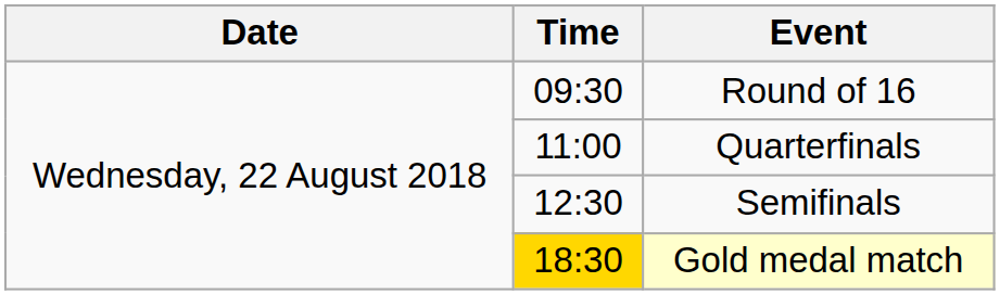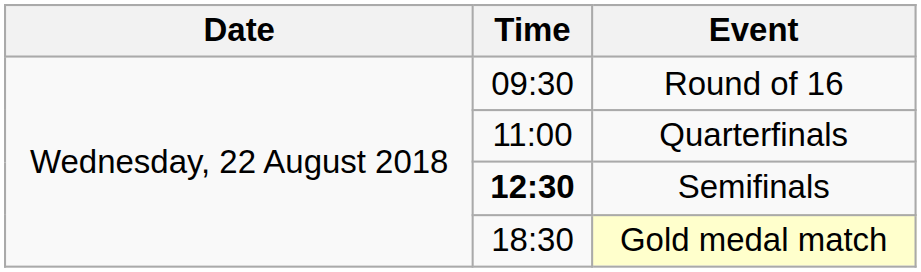 <table class = "wikitable" style="text-align:center;">
 <tr>
 <th width=220>Date</th>
 <th width=50>Time</th>
 <th width=150>Event</th>
 </tr>
 <tr>
 <td rowspan=4>Wednesday, 22 August 2018</td>
 <td>09:30</td>
 <td>Round of 16</td>
 </tr>
 <tr>
 <td>11:00</td>
 <td>Quarterfinals</td>
 </tr>
 <tr>
-<td>12:30</td>
+<td><strong>12:30</strong></td>
 <td>Semifinals</td>
 </tr>
 <tr>
-<td style="background: gold;">18:30</td>
+<td>18:30</td>
 <td bgcolor=ffffcc>Gold medal match</td>
 </tr>
 </table>
